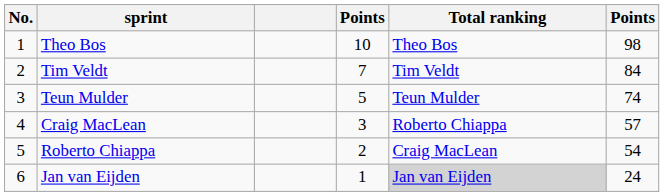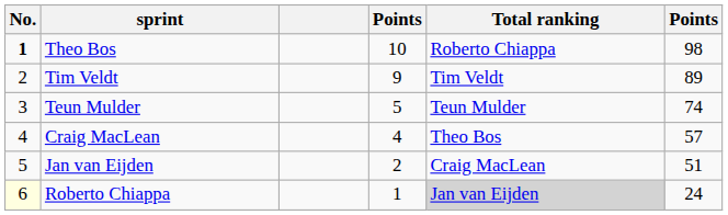 <table class="wikitable">
 <tr>
 <th width="20px">No.</th>
 <th width="200px">sprint</th>
 <th width="70px"></th>
 <th width="40px">Points</th>
 <th width="200px">Total ranking</th>
 <th width="40px">Points</th>
 </tr>
 <tr align=center>
-<td>1</td>
+<td><strong>1</strong></td>
 <td align=left> <a href='#'>Theo Bos</a></td>
 <td></td>
 <td>10</td>
-<td align=left> <a href='#'>Theo Bos</a></td>
+<td align=left> <a href='#'>Roberto Chiappa</a></td>
 <td>98</td>
 </tr>
 <tr align=center>
 <td>2</td>
 <td align=left> <a href='#'>Tim Veldt</a></td>
 <td></td>
-<td>7</td>
+<td>9</td>
 <td align=left> <a href='#'>Tim Veldt</a></td>
-<td>84</td>
+<td>89</td>
 </tr>
 <tr align=center>
 <td>3</td>
 <td align=left> <a href='#'>Teun Mulder</a></td>
 <td></td>
 <td>5</td>
 <td align=left> <a href='#'>Teun Mulder</a></td>
 <td>74</td>
 </tr>
 <tr align=center>
 <td>4</td>
 <td align=left> <a href='#'>Craig MacLean</a></td>
 <td></td>
-<td>3</td>
-<td align=left> <a href='#'>Roberto Chiappa</a></td>
+<td>4</td>
+<td align=left> <a href='#'>Theo Bos</a></td>
 <td>57</td>
 </tr>
 <tr align=center>
 <td>5</td>
-<td align=left> <a href='#'>Roberto Chiappa</a></td>
+<td align=left> <a href='#'>Jan van Eijden</a></td>
 <td></td>
 <td>2</td>
 <td align=left> <a href='#'>Craig MacLean</a></td>
-<td>54</td>
+<td>51</td>
 </tr>
 <tr align=center>
-<td>6</td>
-<td align=left> <a href='#'>Jan van Eijden</a></td>
+<td style="background: lightyellow;">6</td>
+<td align=left> <a href='#'>Roberto Chiappa</a></td>
 <td></td>
 <td>1</td>
 <td align=left style="background: lightgrey;"> <a href='#'>Jan van Eijden</a></td>
 <td>24</td>
 </tr>
 </table>
